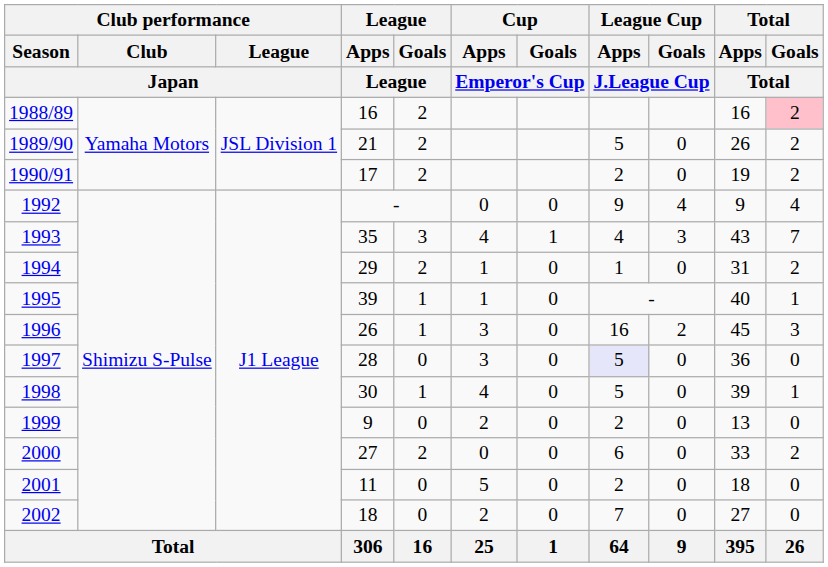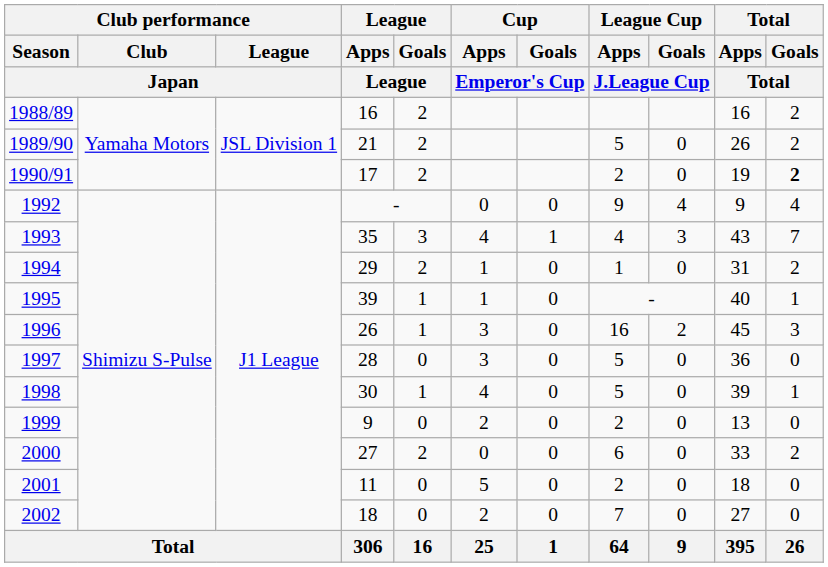 <table class="wikitable" style="text-align:center;">
 <tr>
 <th colspan=3>Club performance</th>
 <th colspan=2>League</th>
 <th colspan=2>Cup</th>
 <th colspan=2>League Cup</th>
 <th colspan=2>Total</th>
 </tr>
 <tr>
 <th>Season</th>
 <th>Club</th>
 <th>League</th>
 <th>Apps</th>
 <th>Goals</th>
 <th>Apps</th>
 <th>Goals</th>
 <th>Apps</th>
 <th>Goals</th>
 <th>Apps</th>
 <th>Goals</th>
 </tr>
 <tr>
 <th colspan=3>Japan</th>
 <th colspan=2>League</th>
 <th colspan=2><a href='#'>Emperor's Cup</a></th>
 <th colspan=2><a href='#'>J.League Cup</a></th>
 <th colspan=2>Total</th>
 </tr>
 <tr>
 <td><a href='#'>1988/89</a></td>
 <td rowspan=3><a href='#'>Yamaha Motors</a></td>
 <td rowspan=3><a href='#'>JSL Division 1</a></td>
 <td>16</td>
 <td>2</td>
 <td></td>
 <td></td>
 <td></td>
 <td></td>
 <td>16</td>
-<td style="background: pink;">2</td>
+<td>2</td>
 </tr>
 <tr>
 <td><a href='#'>1989/90</a></td>
 <td>21</td>
 <td>2</td>
 <td></td>
 <td></td>
 <td>5</td>
 <td>0</td>
 <td>26</td>
 <td>2</td>
 </tr>
 <tr>
 <td><a href='#'>1990/91</a></td>
 <td>17</td>
 <td>2</td>
 <td></td>
 <td></td>
 <td>2</td>
 <td>0</td>
 <td>19</td>
-<td>2</td>
+<td><strong>2</strong></td>
 </tr>
 <tr>
 <td><a href='#'>1992</a></td>
 <td rowspan=11><a href='#'>Shimizu S-Pulse</a></td>
 <td rowspan=11><a href='#'>J1 League</a></td>
 <td colspan=2>-</td>
 <td>0</td>
 <td>0</td>
 <td>9</td>
 <td>4</td>
 <td>9</td>
 <td>4</td>
 </tr>
 <tr>
 <td><a href='#'>1993</a></td>
 <td>35</td>
 <td>3</td>
 <td>4</td>
 <td>1</td>
 <td>4</td>
 <td>3</td>
 <td>43</td>
 <td>7</td>
 </tr>
 <tr>
 <td><a href='#'>1994</a></td>
 <td>29</td>
 <td>2</td>
 <td>1</td>
 <td>0</td>
 <td>1</td>
 <td>0</td>
 <td>31</td>
 <td>2</td>
 </tr>
 <tr>
 <td><a href='#'>1995</a></td>
 <td>39</td>
 <td>1</td>
 <td>1</td>
 <td>0</td>
 <td colspan=2>-</td>
 <td>40</td>
 <td>1</td>
 </tr>
 <tr>
 <td><a href='#'>1996</a></td>
 <td>26</td>
 <td>1</td>
 <td>3</td>
 <td>0</td>
 <td>16</td>
 <td>2</td>
 <td>45</td>
 <td>3</td>
 </tr>
 <tr>
 <td><a href='#'>1997</a></td>
 <td>28</td>
 <td>0</td>
 <td>3</td>
 <td>0</td>
-<td style="background: lavender;">5</td>
+<td>5</td>
 <td>0</td>
 <td>36</td>
 <td>0</td>
 </tr>
 <tr>
 <td><a href='#'>1998</a></td>
 <td>30</td>
 <td>1</td>
 <td>4</td>
 <td>0</td>
 <td>5</td>
 <td>0</td>
 <td>39</td>
 <td>1</td>
 </tr>
 <tr>
 <td><a href='#'>1999</a></td>
 <td>9</td>
 <td>0</td>
 <td>2</td>
 <td>0</td>
 <td>2</td>
 <td>0</td>
 <td>13</td>
 <td>0</td>
 </tr>
 <tr>
 <td><a href='#'>2000</a></td>
 <td>27</td>
 <td>2</td>
 <td>0</td>
 <td>0</td>
 <td>6</td>
 <td>0</td>
 <td>33</td>
 <td>2</td>
 </tr>
 <tr>
 <td><a href='#'>2001</a></td>
 <td>11</td>
 <td>0</td>
 <td>5</td>
 <td>0</td>
 <td>2</td>
 <td>0</td>
 <td>18</td>
 <td>0</td>
 </tr>
 <tr>
 <td><a href='#'>2002</a></td>
 <td>18</td>
 <td>0</td>
 <td>2</td>
 <td>0</td>
 <td>7</td>
 <td>0</td>
 <td>27</td>
 <td>0</td>
 </tr>
 <tr>
 <th colspan=3>Total</th>
 <th>306</th>
 <th>16</th>
 <th>25</th>
 <th>1</th>
 <th>64</th>
 <th>9</th>
 <th>395</th>
 <th>26</th>
 </tr>
 </table>
